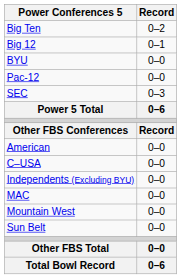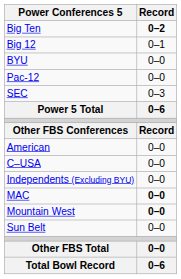 <table class="wikitable">
 <tr>
 <th>Power Conferences 5</th>
 <th>Record</th>
 </tr>
 <tr>
 <td><a href='#'>Big Ten</a></td>
-<td align=center>0–2</td>
+<td align=center><strong>0–2</strong></td>
 </tr>
 <tr>
 <td><a href='#'>Big 12</a></td>
 <td align=center>0–1</td>
 </tr>
 <tr>
 <td><a href='#'>BYU</a></td>
 <td align=center>0–0</td>
 </tr>
 <tr>
 <td><a href='#'>Pac-12</a></td>
 <td align=center>0–0</td>
 </tr>
 <tr>
 <td><a href='#'>SEC</a></td>
 <td align=center>0–3</td>
 </tr>
 <tr>
 <th>Power 5 Total</th>
 <th>0–6</th>
 </tr>
 <tr>
 <th colspan="2" style="background:lightgrey;"></th>
 </tr>
 <tr>
 <th>Other FBS Conferences</th>
 <th>Record</th>
 </tr>
 <tr>
 <td><a href='#'>American</a></td>
 <td align=center>0–0</td>
 </tr>
 <tr>
 <td><a href='#'>C–USA</a></td>
 <td align=center>0–0</td>
 </tr>
 <tr>
 <td><a href='#'>Independents <small>(Excluding BYU)</small></a></td>
 <td align=center>0–0</td>
 </tr>
 <tr>
 <td><a href='#'>MAC</a></td>
-<td align=center>0–0</td>
+<td align=center><strong>0–0</strong></td>
 </tr>
 <tr>
 <td><a href='#'>Mountain West</a></td>
-<td align=center>0–0</td>
+<td align=center><strong>0–0</strong></td>
 </tr>
 <tr>
 <td><a href='#'>Sun Belt</a></td>
 <td align=center>0–0</td>
 </tr>
 <tr>
 <th colspan="2" style="background:lightgrey;"></th>
 </tr>
 <tr>
 <th>Other FBS Total</th>
 <th>0–0</th>
 </tr>
 <tr>
 <th>Total Bowl Record</th>
 <th>0–6</th>
 </tr>
 </table>
